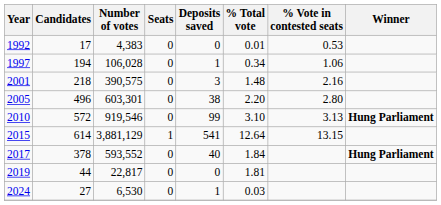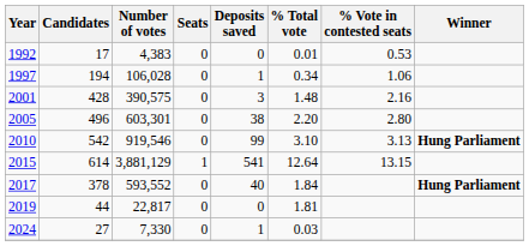 <table class="wikitable sortable">
 <tr>
 <th>Year</th>
 <th>Candidates</th>
 <th>Number<br>of votes</th>
 <th>Seats</th>
 <th>Deposits<br>saved</th>
 <th>% Total<br>vote</th>
 <th>% Vote in<br>contested seats</th>
 <th colspan=2>Winner</th>
 </tr>
 <tr style="text-align:center;">
 <td><a href='#'>1992</a></td>
 <td style="text-align: right; margin-right: 0.5em">17</td>
 <td style="text-align: right; margin-right: 0.5em">4,383</td>
 <td style="text-align: right; margin-right: 0.5em">0</td>
 <td style="text-align: right; margin-right: 0.5em">0</td>
 <td style="text-align: right; margin-right: 0.5em">0.01</td>
 <td style="text-align: right; margin-right: 0.5em">0.53</td>
 <td></td>
 </tr>
 <tr style="text-align:center;">
 <td><a href='#'>1997</a></td>
 <td style="text-align: right; margin-right: 0.5em">194</td>
 <td style="text-align: right; margin-right: 0.5em">106,028</td>
 <td style="text-align: right; margin-right: 0.5em">0</td>
 <td style="text-align: right; margin-right: 0.5em">1</td>
 <td style="text-align: right; margin-right: 0.5em">0.34</td>
 <td style="text-align: right; margin-right: 0.5em">1.06</td>
 <td></td>
 </tr>
 <tr style="text-align:center;">
 <td><a href='#'>2001</a></td>
-<td style="text-align: right; margin-right: 0.5em">218</td>
+<td style="text-align: right; margin-right: 0.5em">428</td>
 <td style="text-align: right; margin-right: 0.5em">390,575</td>
 <td style="text-align: right; margin-right: 0.5em">0</td>
 <td style="text-align: right; margin-right: 0.5em">3</td>
 <td style="text-align: right; margin-right: 0.5em">1.48</td>
 <td style="text-align: right; margin-right: 0.5em">2.16</td>
 <td></td>
 </tr>
 <tr style="text-align:center;">
 <td><a href='#'>2005</a></td>
 <td style="text-align: right; margin-right: 0.5em">496</td>
 <td style="text-align: right; margin-right: 0.5em">603,301</td>
 <td style="text-align: right; margin-right: 0.5em">0</td>
 <td style="text-align: right; margin-right: 0.5em">38</td>
 <td style="text-align: right; margin-right: 0.5em">2.20</td>
 <td style="text-align: right; margin-right: 0.5em">2.80</td>
 <td></td>
 </tr>
 <tr style="text-align:center;">
 <td><a href='#'>2010</a></td>
-<td style="text-align: right; margin-right: 0.5em">572</td>
+<td style="text-align: right; margin-right: 0.5em">542</td>
 <td style="text-align: right; margin-right: 0.5em">919,546</td>
 <td style="text-align: right; margin-right: 0.5em">0</td>
 <td style="text-align: right; margin-right: 0.5em">99</td>
 <td style="text-align: right; margin-right: 0.5em">3.10</td>
 <td style="text-align: right; margin-right: 0.5em">3.13</td>
 <td colspan=2 style="background:"><strong>Hung Parliament</strong></td>
 </tr>
 <tr style="text-align:center;">
 <td><a href='#'>2015</a></td>
 <td style="text-align: right; margin-right: 0.5em">614</td>
 <td style="text-align: right; margin-right: 0.5em">3,881,129</td>
 <td style="text-align: right; margin-right: 0.5em">1</td>
 <td style="text-align: right; margin-right: 0.5em">541</td>
 <td style="text-align: right; margin-right: 0.5em">12.64</td>
 <td style="text-align: right; margin-right: 0.5em">13.15</td>
 <td></td>
 </tr>
 <tr style="text-align:center;">
 <td><a href='#'>2017</a></td>
 <td style="text-align: right; margin-right: 0.5em">378</td>
 <td style="text-align: right; margin-right: 0.5em">593,552</td>
 <td style="text-align: right; margin-right: 0.5em">0</td>
 <td style="text-align: right; margin-right: 0.5em">40</td>
 <td style="text-align: right; margin-right: 0.5em">1.84</td>
 <td style="text-align: right; margin-right: 0.5em"></td>
 <td colspan=2 style="background:"><strong>Hung Parliament</strong></td>
 </tr>
 <tr style="text-align:center;">
 <td><a href='#'>2019</a></td>
 <td style="text-align: right; margin-right: 0.5em">44</td>
 <td style="text-align: right; margin-right: 0.5em">22,817</td>
 <td style="text-align: right; margin-right: 0.5em">0</td>
 <td style="text-align: right; margin-right: 0.5em">0</td>
 <td style="text-align: right; margin-right: 0.5em">1.81</td>
 <td style="text-align: right; margin-right: 0.5em"></td>
 <td></td>
 </tr>
 <tr style="text-align:center;">
 <td><a href='#'>2024</a></td>
 <td style="text-align: right; margin-right: 0.5em">27</td>
-<td style="text-align: right; margin-right: 0.5em">6,530</td>
+<td style="text-align: right; margin-right: 0.5em">7,330</td>
 <td style="text-align: right; margin-right: 0.5em">0</td>
 <td style="text-align: right; margin-right: 0.5em">1</td>
 <td style="text-align: right; margin-right: 0.5em">0.03</td>
 <td style="text-align: right; margin-right: 0.5em"></td>
 <td></td>
 </tr>
 <tr style="text-align:center;">
 </tr>
 </table>
